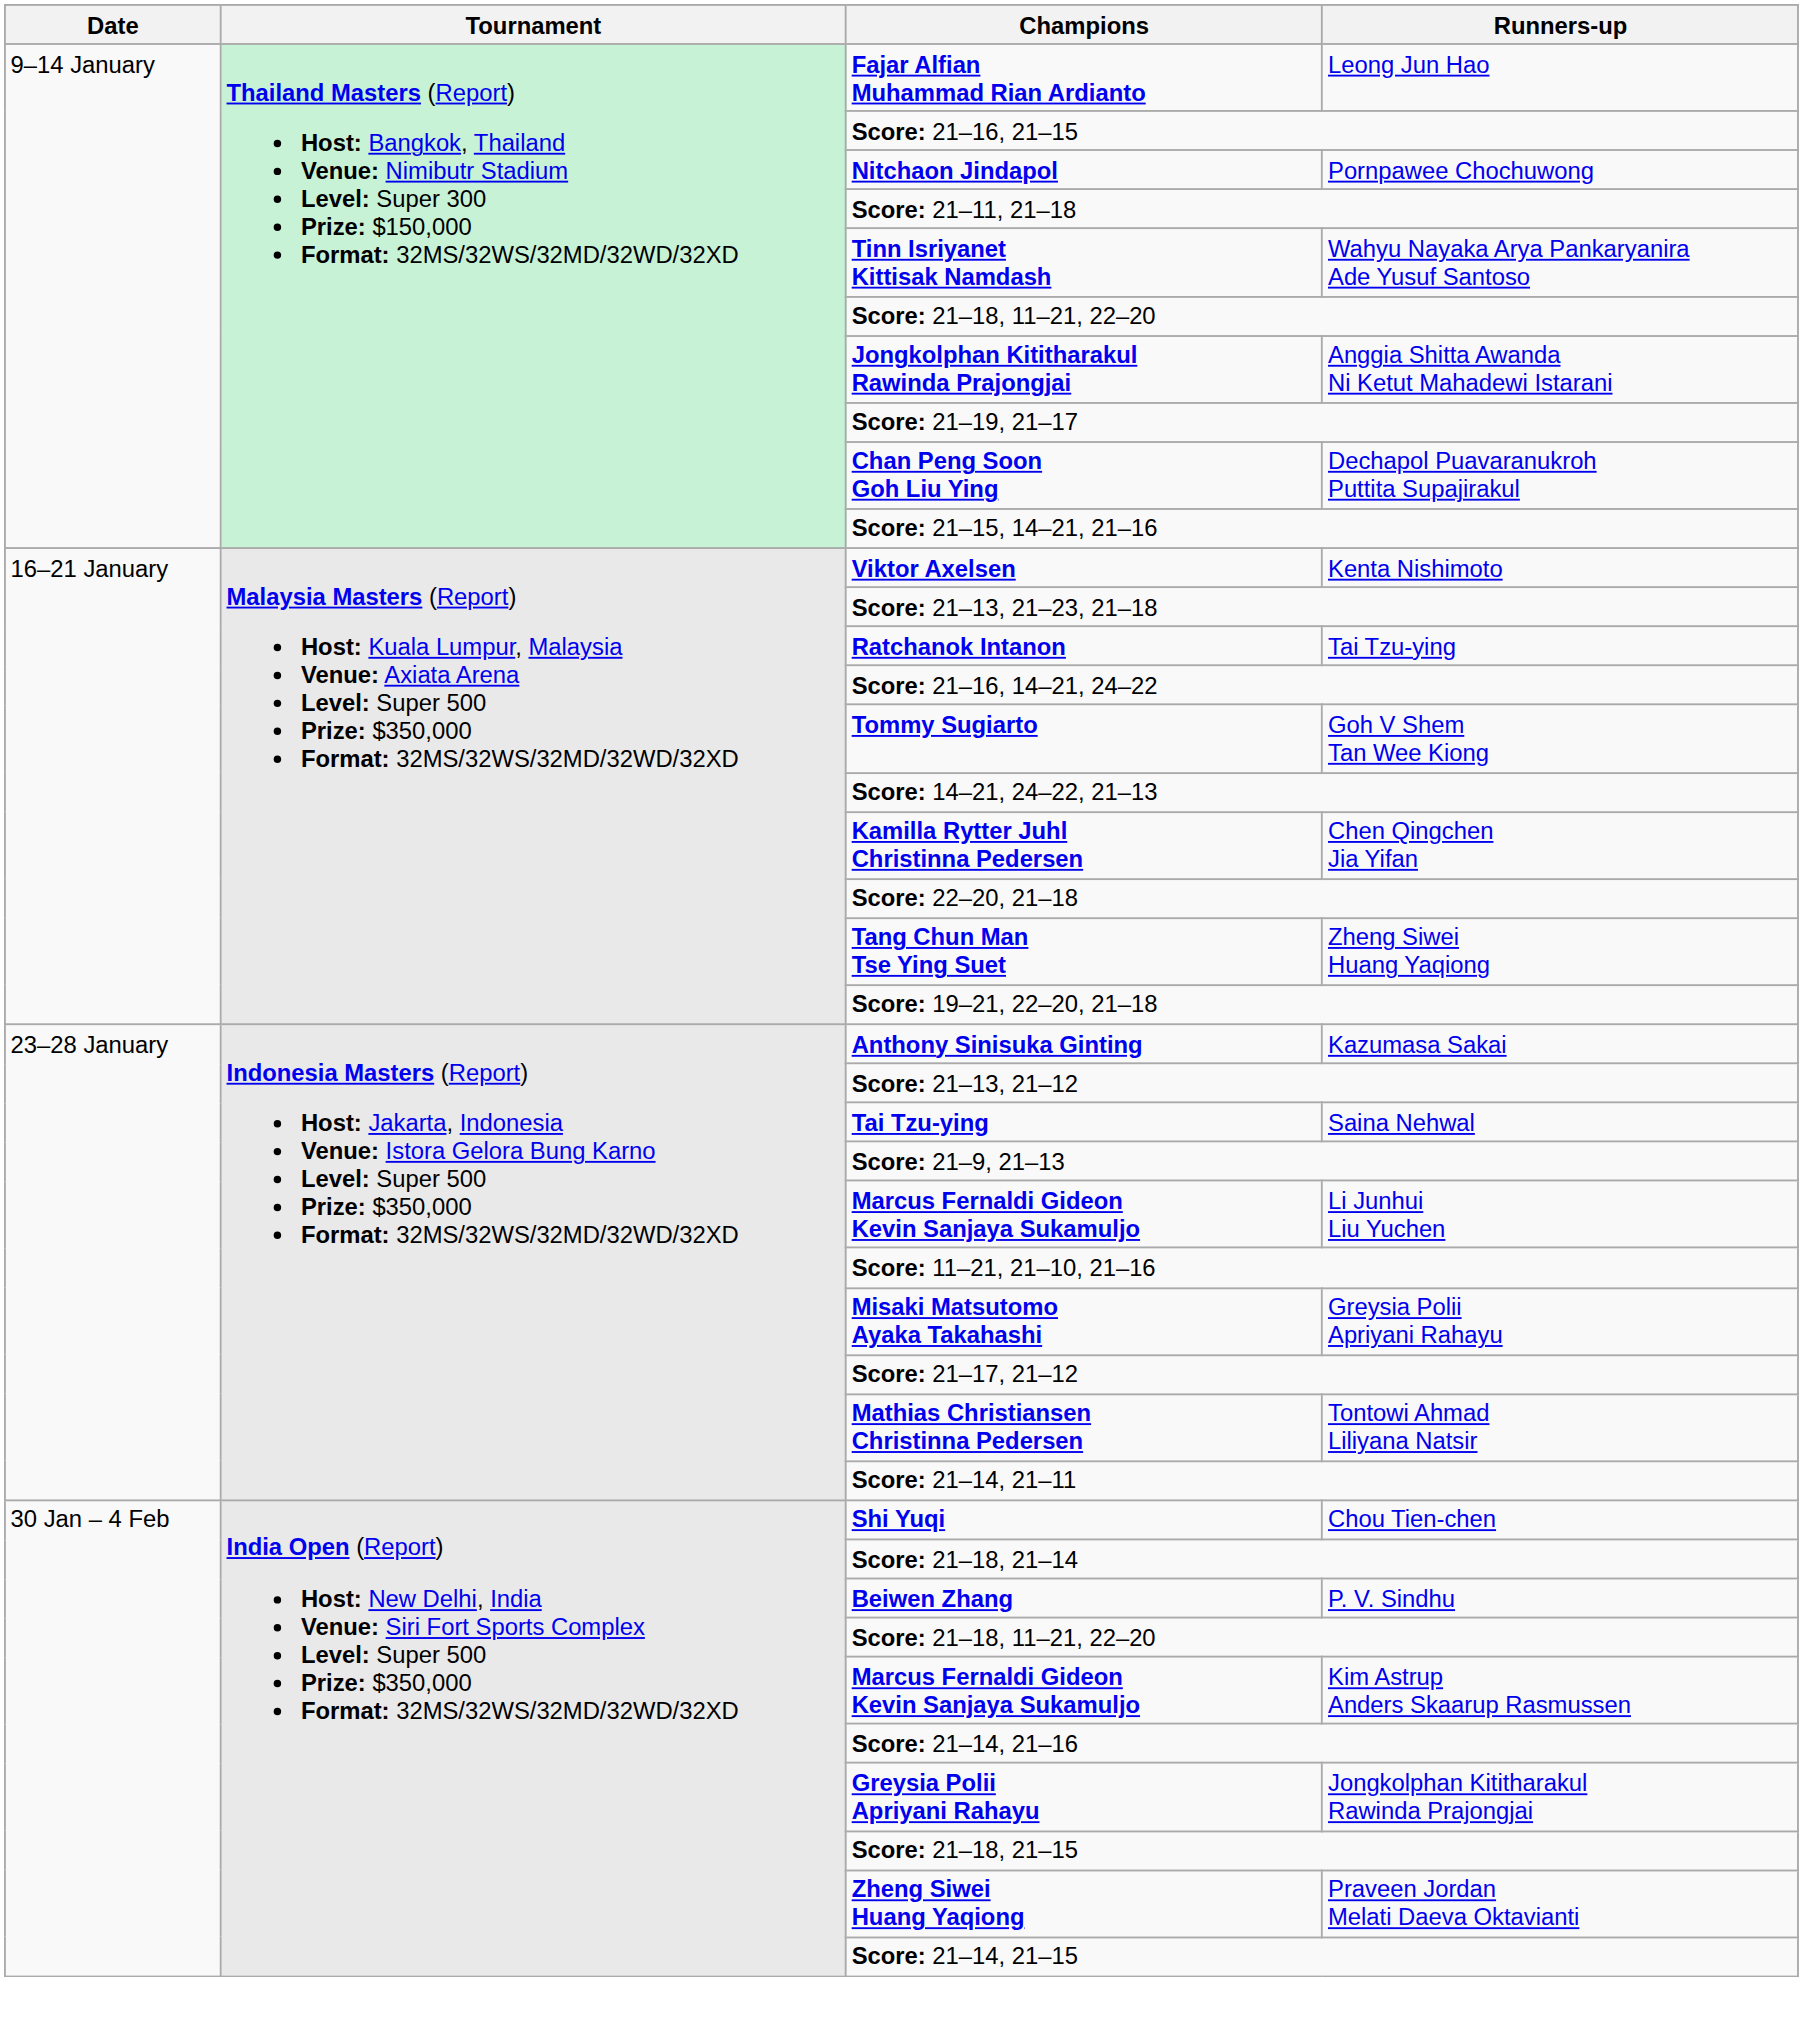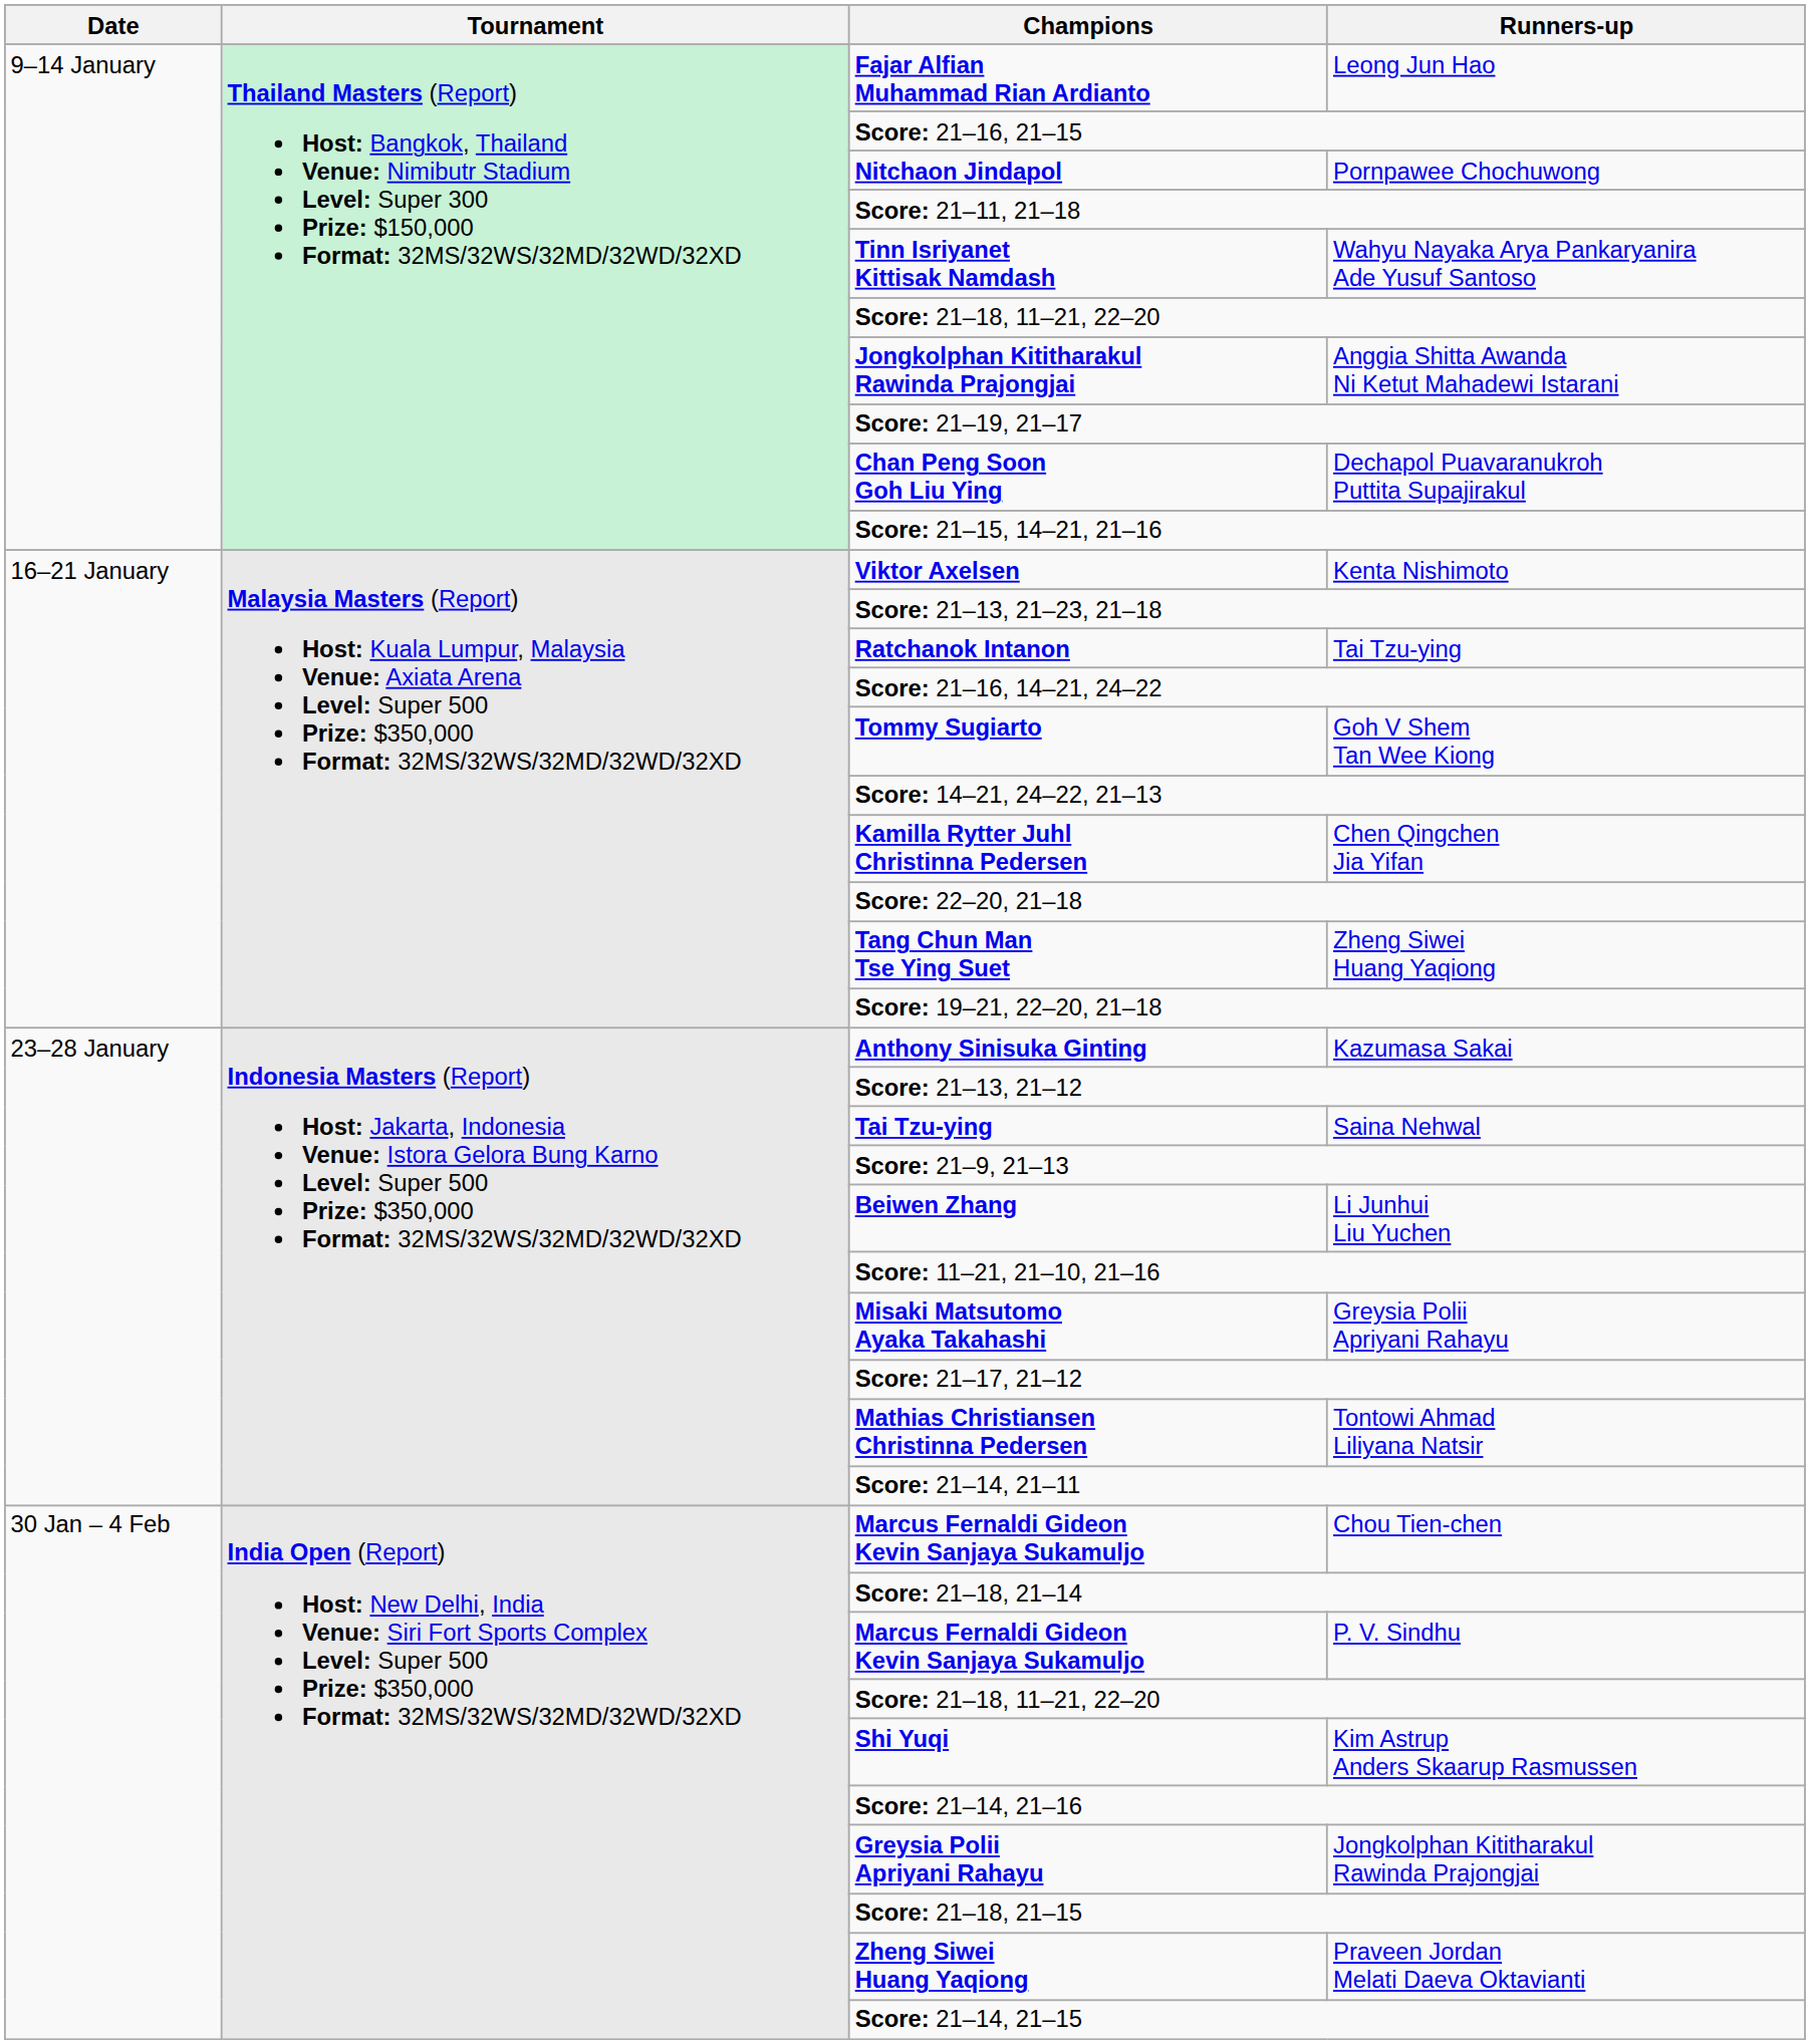 <table class=wikitable style=font-size:80%>
 <tr>
 <th width=110>Date</th>
 <th width=330>Tournament</th>
 <th width=250>Champions</th>
 <th width=250>Runners-up</th>
 </tr>
 <tr valign=top>
 <td rowspan=10>9–14 January</td>
 <td style="background:#C7F2D5;" rowspan="10"><br><strong><a href='#'>Thailand Masters</a></strong> (<a href='#'>Report</a>)<ul><li><strong>Host:</strong> <a href='#'>Bangkok</a>, <a href='#'>Thailand</a></li><li><strong>Venue:</strong> <a href='#'>Nimibutr Stadium</a></li><li><strong>Level:</strong> Super 300</li><li><strong>Prize:</strong> $150,000</li><li><strong>Format:</strong> 32MS/32WS/32MD/32WD/32XD</li></ul></td>
 <td><strong> <a href='#'>Fajar Alfian</a><br> <a href='#'>Muhammad Rian Ardianto</a></strong></td>
 <td> <a href='#'>Leong Jun Hao</a></td>
 </tr>
 <tr>
 <td colspan=2><strong>Score:</strong> 21–16, 21–15</td>
 </tr>
 <tr valign=top>
 <td><strong> <a href='#'>Nitchaon Jindapol</a></strong></td>
 <td> <a href='#'>Pornpawee Chochuwong</a></td>
 </tr>
 <tr>
 <td colspan=2><strong>Score:</strong> 21–11, 21–18</td>
 </tr>
 <tr valign=top>
 <td><strong> <a href='#'>Tinn Isriyanet</a><br> <a href='#'>Kittisak Namdash</a></strong></td>
 <td> <a href='#'>Wahyu Nayaka Arya Pankaryanira</a><br> <a href='#'>Ade Yusuf Santoso</a></td>
 </tr>
 <tr>
 <td colspan=2><strong>Score:</strong> 21–18, 11–21, 22–20</td>
 </tr>
 <tr valign=top>
 <td><strong> <a href='#'>Jongkolphan Kititharakul</a><br> <a href='#'>Rawinda Prajongjai</a></strong></td>
 <td> <a href='#'>Anggia Shitta Awanda</a><br> <a href='#'>Ni Ketut Mahadewi Istarani</a></td>
 </tr>
 <tr>
 <td colspan=2><strong>Score:</strong> 21–19, 21–17</td>
 </tr>
 <tr valign=top>
 <td><strong> <a href='#'>Chan Peng Soon</a><br> <a href='#'>Goh Liu Ying</a></strong></td>
 <td> <a href='#'>Dechapol Puavaranukroh</a><br> <a href='#'>Puttita Supajirakul</a></td>
 </tr>
 <tr>
 <td colspan=2><strong>Score:</strong> 21–15, 14–21, 21–16</td>
 </tr>
 <tr valign=top>
 <td rowspan=10>16–21 January</td>
 <td style="background:#E9E9E9;" rowspan="10"><br><strong><a href='#'>Malaysia Masters</a></strong> (<a href='#'>Report</a>)<ul><li><strong>Host:</strong> <a href='#'>Kuala Lumpur</a>, <a href='#'>Malaysia</a></li><li><strong>Venue:</strong> <a href='#'>Axiata Arena</a></li><li><strong>Level:</strong> Super 500</li><li><strong>Prize:</strong> $350,000</li><li><strong>Format:</strong> 32MS/32WS/32MD/32WD/32XD</li></ul></td>
 <td><strong> <a href='#'>Viktor Axelsen</a></strong></td>
 <td> <a href='#'>Kenta Nishimoto</a></td>
 </tr>
 <tr>
 <td colspan=2><strong>Score:</strong> 21–13, 21–23, 21–18</td>
 </tr>
 <tr valign=top>
 <td><strong> <a href='#'>Ratchanok Intanon</a></strong></td>
 <td> <a href='#'>Tai Tzu-ying</a></td>
 </tr>
 <tr>
 <td colspan=2><strong>Score:</strong> 21–16, 14–21, 24–22</td>
 </tr>
 <tr valign=top>
 <td><strong> <a href='#'>Tommy Sugiarto</a></strong></td>
 <td> <a href='#'>Goh V Shem</a><br> <a href='#'>Tan Wee Kiong</a></td>
 </tr>
 <tr>
 <td colspan=2><strong>Score:</strong> 14–21, 24–22, 21–13</td>
 </tr>
 <tr valign=top>
 <td><strong> <a href='#'>Kamilla Rytter Juhl</a><br> <a href='#'>Christinna Pedersen</a></strong></td>
 <td> <a href='#'>Chen Qingchen</a><br> <a href='#'>Jia Yifan</a></td>
 </tr>
 <tr>
 <td colspan=2><strong>Score:</strong> 22–20, 21–18</td>
 </tr>
 <tr valign=top>
 <td><strong> <a href='#'>Tang Chun Man</a><br> <a href='#'>Tse Ying Suet</a></strong></td>
 <td> <a href='#'>Zheng Siwei</a><br> <a href='#'>Huang Yaqiong</a></td>
 </tr>
 <tr>
 <td colspan=2><strong>Score:</strong> 19–21, 22–20, 21–18</td>
 </tr>
 <tr valign=top>
 <td rowspan=10>23–28 January</td>
 <td style="background:#E9E9E9;" rowspan="10"><br><strong><a href='#'>Indonesia Masters</a></strong> (<a href='#'>Report</a>)<ul><li><strong>Host:</strong> <a href='#'>Jakarta</a>, <a href='#'>Indonesia</a></li><li><strong>Venue:</strong> <a href='#'>Istora Gelora Bung Karno</a></li><li><strong>Level:</strong> Super 500</li><li><strong>Prize:</strong> $350,000</li><li><strong>Format:</strong> 32MS/32WS/32MD/32WD/32XD</li></ul></td>
 <td><strong> <a href='#'>Anthony Sinisuka Ginting</a></strong></td>
 <td> <a href='#'>Kazumasa Sakai</a></td>
 </tr>
 <tr>
 <td colspan=2><strong>Score:</strong> 21–13, 21–12</td>
 </tr>
 <tr valign=top>
 <td><strong> <a href='#'>Tai Tzu-ying</a></strong></td>
 <td> <a href='#'>Saina Nehwal</a></td>
 </tr>
 <tr>
 <td colspan=2><strong>Score:</strong> 21–9, 21–13</td>
 </tr>
 <tr valign=top>
-<td><strong> <a href='#'>Marcus Fernaldi Gideon</a><br> <a href='#'>Kevin Sanjaya Sukamuljo</a></strong></td>
+<td><strong> <a href='#'>Beiwen Zhang</a></strong></td>
 <td> <a href='#'>Li Junhui</a><br> <a href='#'>Liu Yuchen</a></td>
 </tr>
 <tr>
 <td colspan=2><strong>Score:</strong> 11–21, 21–10, 21–16</td>
 </tr>
 <tr valign=top>
 <td><strong> <a href='#'>Misaki Matsutomo</a><br> <a href='#'>Ayaka Takahashi</a></strong></td>
 <td> <a href='#'>Greysia Polii</a><br> <a href='#'>Apriyani Rahayu</a></td>
 </tr>
 <tr>
 <td colspan=2><strong>Score:</strong> 21–17, 21–12</td>
 </tr>
 <tr valign=top>
 <td><strong> <a href='#'>Mathias Christiansen</a><br> <a href='#'>Christinna Pedersen</a></strong></td>
 <td> <a href='#'>Tontowi Ahmad</a><br> <a href='#'>Liliyana Natsir</a></td>
 </tr>
 <tr>
 <td colspan=2><strong>Score:</strong> 21–14, 21–11</td>
 </tr>
 <tr valign=top>
 <td rowspan=10>30 Jan – 4 Feb</td>
 <td style="background:#E9E9E9;" rowspan="10"><br><strong><a href='#'>India Open</a></strong> (<a href='#'>Report</a>)<ul><li><strong>Host:</strong> <a href='#'>New Delhi</a>, <a href='#'>India</a></li><li><strong>Venue:</strong> <a href='#'>Siri Fort Sports Complex</a></li><li><strong>Level:</strong> Super 500</li><li><strong>Prize:</strong> $350,000</li><li><strong>Format:</strong> 32MS/32WS/32MD/32WD/32XD</li></ul></td>
-<td><strong> <a href='#'>Shi Yuqi</a>  </strong></td>
+<td><strong> <a href='#'>Marcus Fernaldi Gideon</a><br> <a href='#'>Kevin Sanjaya Sukamuljo</a></strong></td>
 <td> <a href='#'>Chou Tien-chen</a></td>
 </tr>
 <tr>
 <td colspan=2><strong>Score:</strong> 21–18, 21–14</td>
 </tr>
 <tr valign=top>
-<td><strong> <a href='#'>Beiwen Zhang</a></strong></td>
+<td><strong> <a href='#'>Marcus Fernaldi Gideon</a><br> <a href='#'>Kevin Sanjaya Sukamuljo</a></strong></td>
 <td> <a href='#'>P. V. Sindhu</a></td>
 </tr>
 <tr>
 <td colspan=2><strong>Score:</strong> 21–18, 11–21, 22–20</td>
 </tr>
 <tr valign=top>
-<td><strong> <a href='#'>Marcus Fernaldi Gideon</a><br> <a href='#'>Kevin Sanjaya Sukamuljo</a></strong></td>
+<td><strong> <a href='#'>Shi Yuqi</a>  </strong></td>
 <td> <a href='#'>Kim Astrup</a><br> <a href='#'>Anders Skaarup Rasmussen</a></td>
 </tr>
 <tr>
 <td colspan=2><strong>Score:</strong> 21–14, 21–16</td>
 </tr>
 <tr valign=top>
 <td><strong> <a href='#'>Greysia Polii</a><br> <a href='#'>Apriyani Rahayu</a> </strong></td>
 <td> <a href='#'>Jongkolphan Kititharakul</a><br> <a href='#'>Rawinda Prajongjai</a></td>
 </tr>
 <tr>
 <td colspan=2><strong>Score:</strong> 21–18, 21–15</td>
 </tr>
 <tr valign=top>
 <td><strong> <a href='#'>Zheng Siwei</a><br> <a href='#'>Huang Yaqiong</a></strong></td>
 <td> <a href='#'>Praveen Jordan</a><br> <a href='#'>Melati Daeva Oktavianti</a></td>
 </tr>
 <tr>
 <td colspan=2><strong>Score:</strong> 21–14, 21–15</td>
 </tr>
 </table>
